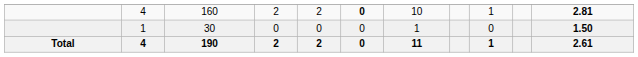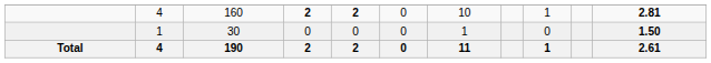 <table class="wikitable sortable" width ="1000">
 <tr align="center">
 </tr>
 <tr align="center" bgcolor="">
 <td></td>
 <td>4</td>
 <td>160</td>
-<td>2</td>
-<td>2</td>
-<td><strong>0</strong></td>
+<td><strong>2</strong></td>
+<td><strong>2</strong></td>
+<td>0</td>
 <td>10</td>
 <td></td>
 <td>1</td>
 <td></td>
 <td><strong>2.81</strong></td>
 </tr>
 <tr align="center" bgcolor="f0f0f0">
 <td></td>
 <td>1</td>
 <td>30</td>
 <td>0</td>
 <td>0</td>
 <td>0</td>
 <td>1</td>
 <td></td>
 <td>0</td>
 <td></td>
 <td><strong>1.50</strong></td>
 </tr>
 <tr>
 <th>Total</th>
 <th>4</th>
 <th>190</th>
 <th>2</th>
 <th>2</th>
 <th>0</th>
 <th>11</th>
 <th></th>
 <th>1</th>
 <th></th>
 <th>2.61</th>
 </tr>
 </table>
